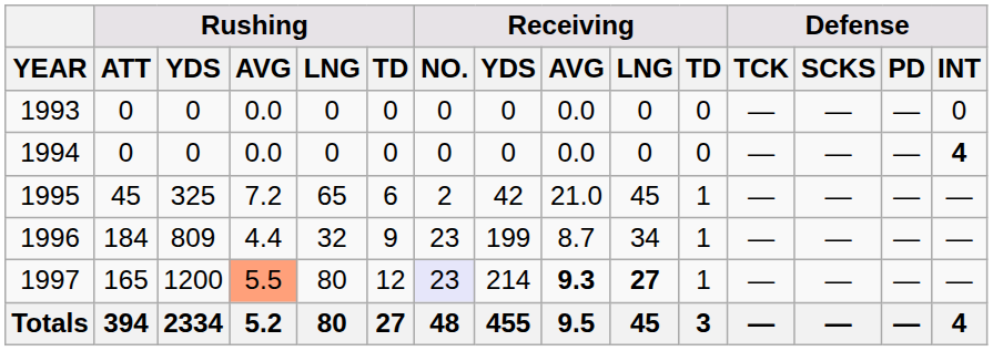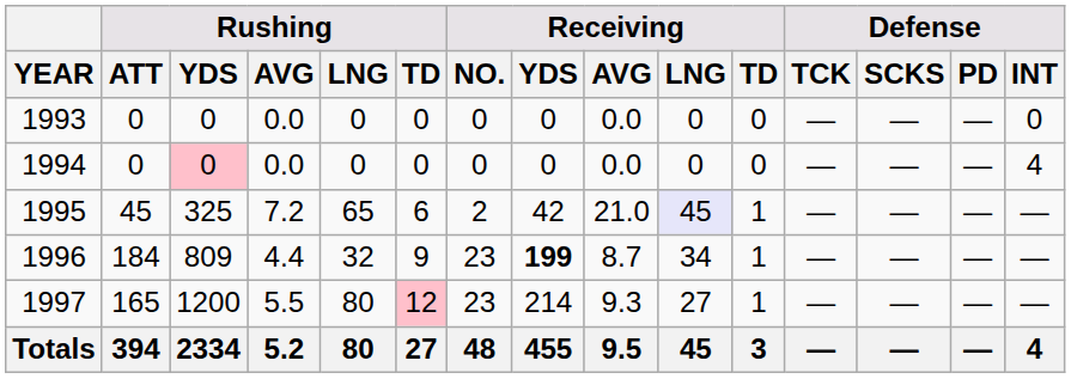 <table class=wikitable style="text-align:center">
 <tr>
 <th></th>
 <th colspan="5" style="background:#e7e3e7;">Rushing</th>
 <th colspan="5" style="background:#e7e3e7;">Receiving</th>
 <th colspan="4" style="background:#e7e3e7;">Defense</th>
 </tr>
 <tr>
 <th>YEAR</th>
 <th>ATT</th>
 <th>YDS</th>
 <th>AVG</th>
 <th>LNG</th>
 <th>TD</th>
 <th>NO.</th>
 <th>YDS</th>
 <th>AVG</th>
 <th>LNG</th>
 <th>TD</th>
 <th>TCK</th>
 <th>SCKS</th>
 <th>PD</th>
 <th>INT</th>
 </tr>
 <tr>
 <td>1993</td>
 <td>0</td>
 <td>0</td>
 <td>0.0</td>
 <td>0</td>
 <td>0</td>
 <td>0</td>
 <td>0</td>
 <td>0.0</td>
 <td>0</td>
 <td>0</td>
 <td>—</td>
 <td>—</td>
 <td>—</td>
 <td>0</td>
 </tr>
 <tr>
 <td>1994</td>
 <td>0</td>
-<td>0</td>
+<td style="background: pink;">0</td>
 <td>0.0</td>
 <td>0</td>
 <td>0</td>
 <td>0</td>
 <td>0</td>
 <td>0.0</td>
 <td>0</td>
 <td>0</td>
 <td>—</td>
 <td>—</td>
 <td>—</td>
-<td><strong>4</strong></td>
+<td>4</td>
 </tr>
 <tr>
 <td>1995</td>
 <td>45</td>
 <td>325</td>
 <td>7.2</td>
 <td>65</td>
 <td>6</td>
 <td>2</td>
 <td>42</td>
 <td>21.0</td>
-<td>45</td>
+<td style="background: lavender;">45</td>
 <td>1</td>
 <td>—</td>
 <td>—</td>
 <td>—</td>
 <td>—</td>
 </tr>
 <tr>
 <td>1996</td>
 <td>184</td>
 <td>809</td>
 <td>4.4</td>
 <td>32</td>
 <td>9</td>
 <td>23</td>
-<td>199</td>
+<td><strong>199</strong></td>
 <td>8.7</td>
 <td>34</td>
 <td>1</td>
 <td>—</td>
 <td>—</td>
 <td>—</td>
 <td>—</td>
 </tr>
 <tr>
 <td>1997</td>
 <td>165</td>
 <td>1200</td>
-<td style="background: lightsalmon;">5.5</td>
+<td>5.5</td>
 <td>80</td>
-<td>12</td>
-<td style="background: lavender;">23</td>
+<td style="background: pink;">12</td>
+<td>23</td>
 <td>214</td>
-<td><strong>9.3</strong></td>
-<td><strong>27</strong></td>
+<td>9.3</td>
+<td>27</td>
 <td>1</td>
 <td>—</td>
 <td>—</td>
 <td>—</td>
 <td>—</td>
 </tr>
 <tr>
 <th>Totals</th>
 <th>394</th>
 <th>2334</th>
 <th>5.2</th>
 <th>80</th>
 <th>27</th>
 <th>48</th>
 <th>455</th>
 <th>9.5</th>
 <th>45</th>
 <th>3</th>
 <th>—</th>
 <th>—</th>
 <th>—</th>
 <th>4</th>
 </tr>
 </table>
